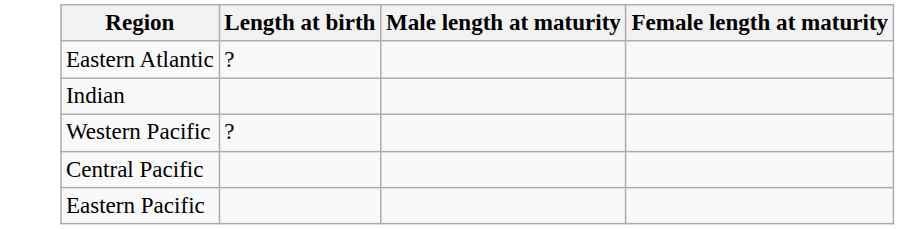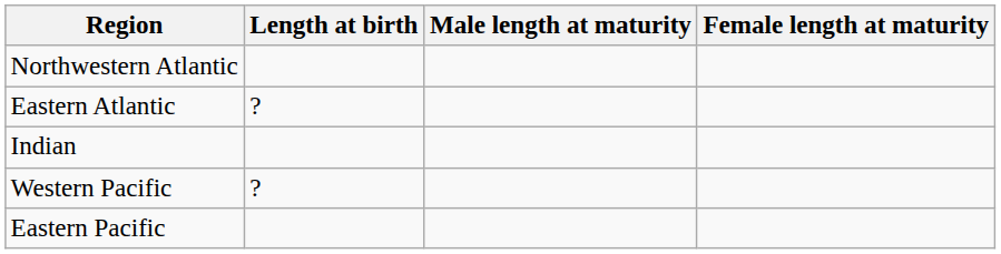 <table class="wikitable sortable" style="float: right; align: right; margin-left: 1.0em">
 <tr>
 <th>Region</th>
 <th>Length at birth</th>
 <th>Male length at maturity</th>
 <th>Female length at maturity</th>
+</tr>
+<tr>
+<td>Northwestern Atlantic</td>
+<td></td>
+<td></td>
+<td></td>
 </tr>
 <tr>
 <td>Eastern Atlantic</td>
 <td>?</td>
 <td></td>
 <td></td>
 </tr>
 <tr>
 <td>Indian</td>
 <td></td>
 <td></td>
 <td></td>
 </tr>
 <tr>
 <td>Western Pacific</td>
 <td>?</td>
 <td></td>
 <td></td>
 </tr>
 <tr>
-<td>Central Pacific</td>
-<td></td>
-<td></td>
-<td></td>
-</tr>
-<tr>
 <td>Eastern Pacific</td>
 <td></td>
 <td></td>
 <td></td>
 </tr>
 </table>
